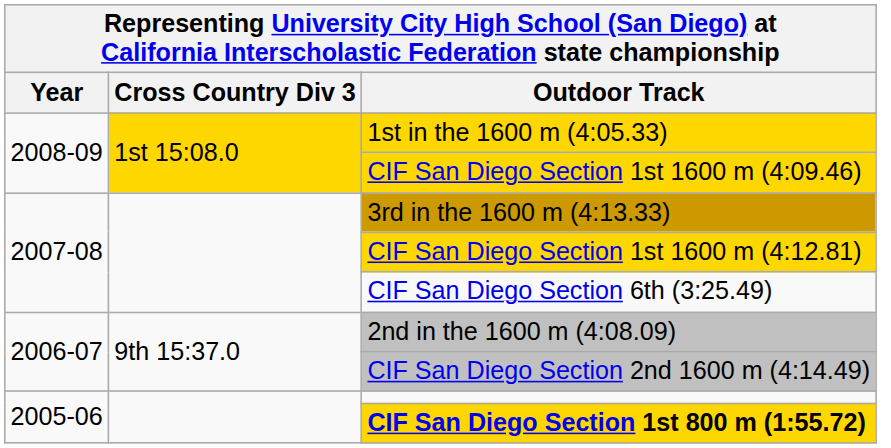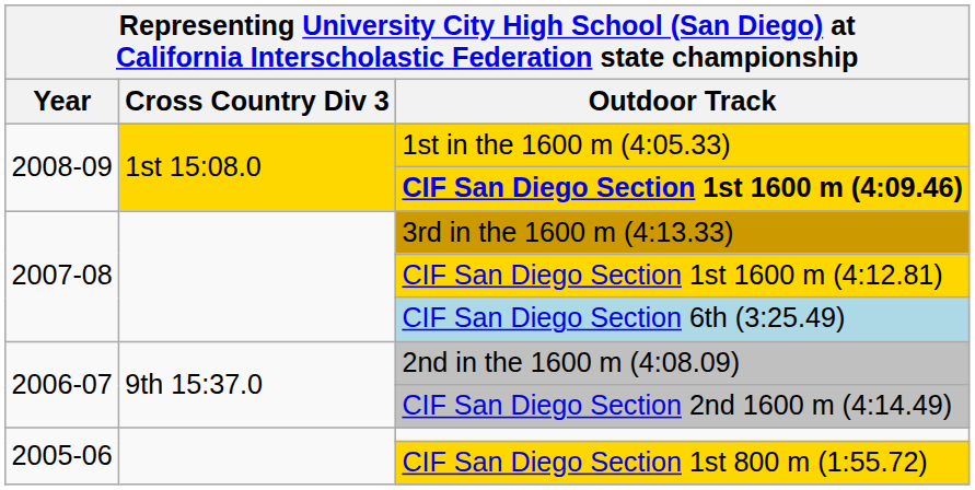 <table class="wikitable sortable">
 <tr>
 <th colspan="7">Representing <a href='#'>University City High School (San Diego)</a> at<br> <a href='#'>California Interscholastic Federation</a> state championship</th>
 </tr>
 <tr>
 <th>Year</th>
 <th>Cross Country Div 3</th>
 <th>Outdoor Track</th>
 </tr>
 <tr>
 <td Rowspan=2>2008-09</td>
 <td bgcolor=gold Rowspan=2>1st 15:08.0</td>
 <td bgcolor=gold>1st in the 1600 m (4:05.33)</td>
 </tr>
 <tr>
-<td bgcolor=gold><a href='#'>CIF San Diego Section</a> 1st 1600 m (4:09.46)</td>
+<td bgcolor=gold><strong><a href='#'>CIF San Diego Section</a> 1st 1600 m (4:09.46)</strong></td>
 </tr>
 <tr>
 <td Rowspan=3>2007-08</td>
 <td Rowspan=3></td>
 <td bgcolor=cc9900>3rd in the 1600 m (4:13.33)</td>
 </tr>
 <tr>
 <td bgcolor=gold><a href='#'>CIF San Diego Section</a> 1st 1600 m (4:12.81)</td>
 </tr>
 <tr>
-<td><a href='#'>CIF San Diego Section</a> 6th  (3:25.49)</td>
+<td style="background: lightblue;"><a href='#'>CIF San Diego Section</a> 6th  (3:25.49)</td>
 </tr>
 <tr>
 <td Rowspan=2>2006-07</td>
 <td Rowspan=2>9th 15:37.0</td>
 <td bgcolor=silver>2nd in the 1600 m (4:08.09)</td>
 </tr>
 <tr>
 <td bgcolor=silver><a href='#'>CIF San Diego Section</a> 2nd 1600 m (4:14.49)</td>
 </tr>
 <tr>
 <td Rowspan=2>2005-06</td>
 <td Rowspan=2></td>
 <td></td>
 </tr>
 <tr>
-<td bgcolor=gold><strong><a href='#'>CIF San Diego Section</a> 1st 800 m (1:55.72)</strong></td>
+<td bgcolor=gold><a href='#'>CIF San Diego Section</a> 1st 800 m (1:55.72)</td>
 </tr>
 </table>
